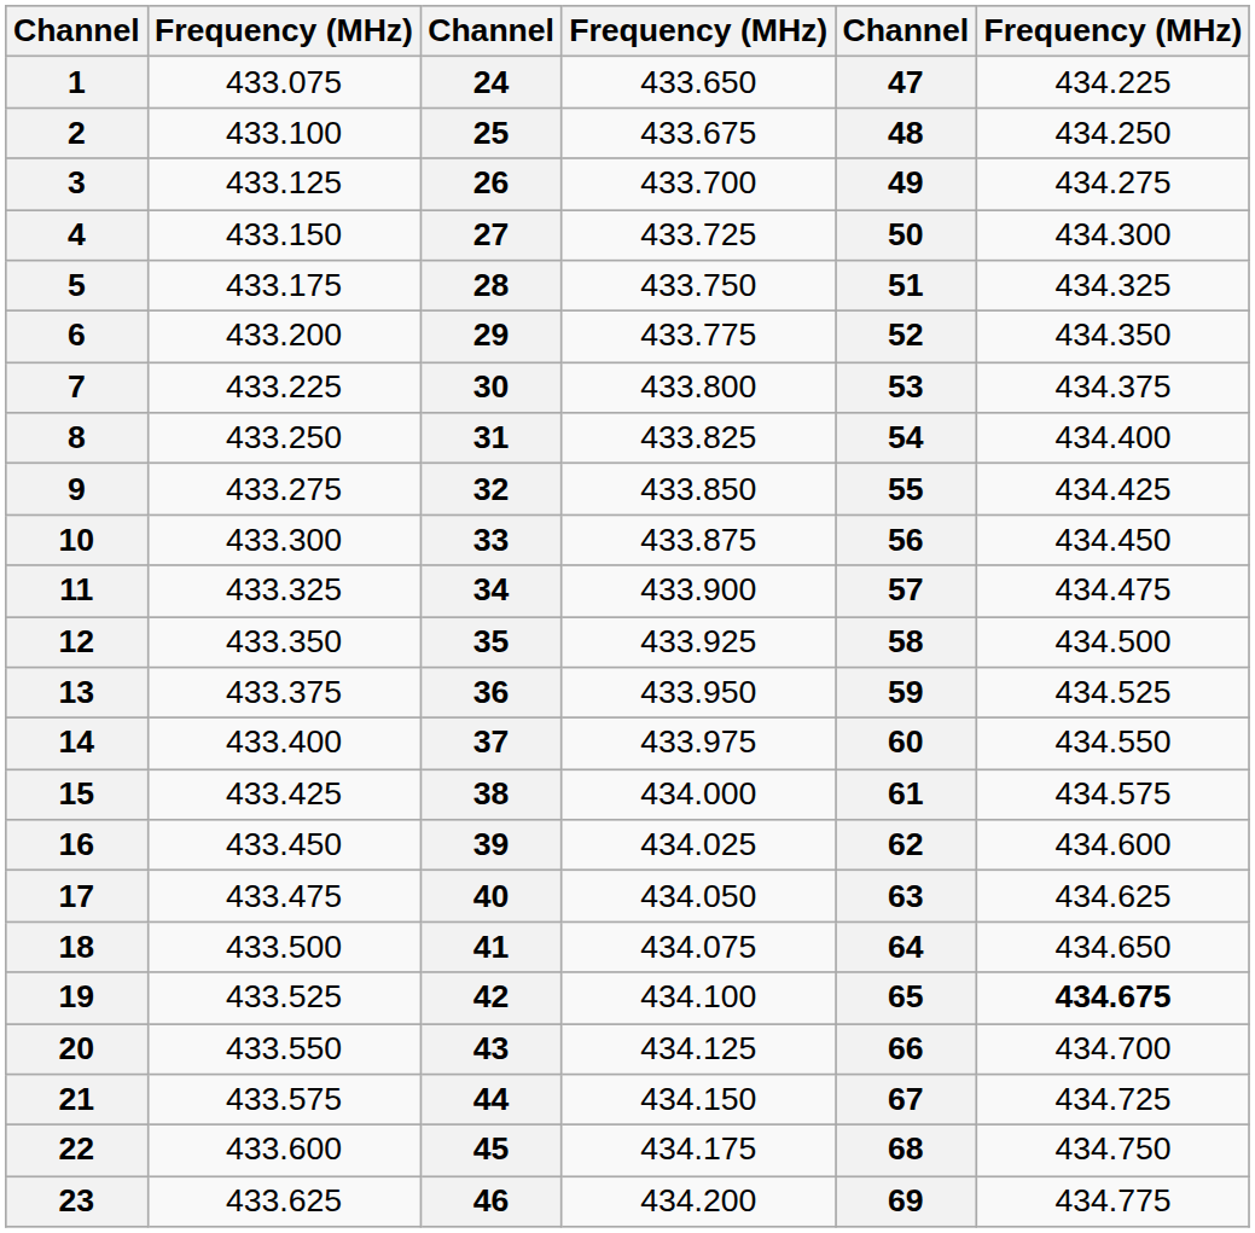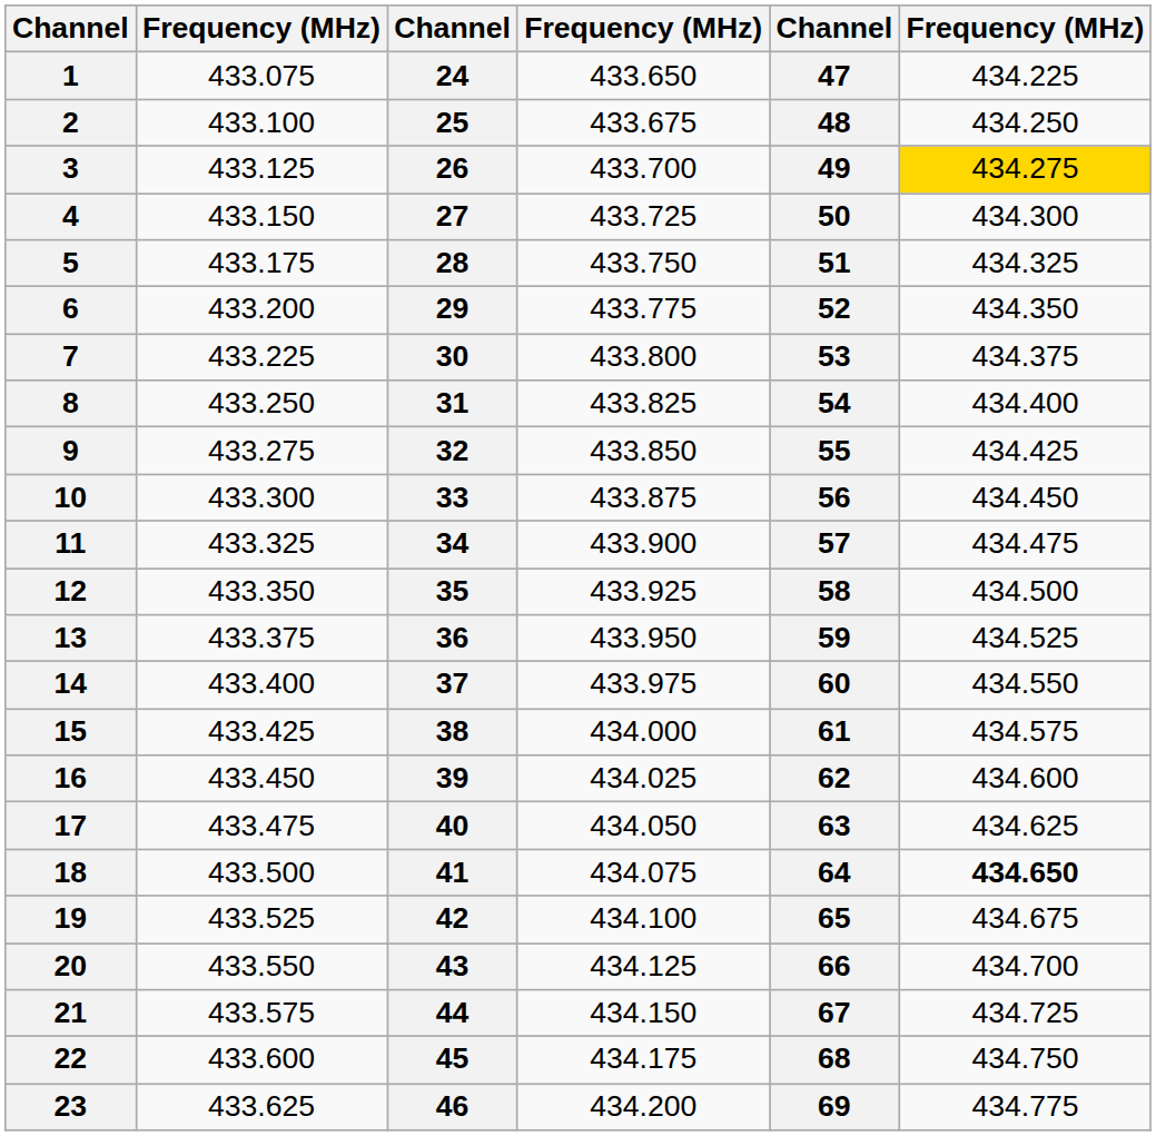 <table class="wikitable">
 <tr>
 <th>Channel</th>
 <th>Frequency (MHz)</th>
 <th>Channel</th>
 <th>Frequency (MHz)</th>
 <th>Channel</th>
 <th>Frequency (MHz)</th>
 </tr>
 <tr align="center">
 <th>1</th>
 <td>433.075</td>
 <th>24</th>
 <td>433.650</td>
 <th>47</th>
 <td>434.225</td>
 </tr>
 <tr align="center">
 <th>2</th>
 <td>433.100</td>
 <th>25</th>
 <td>433.675</td>
 <th>48</th>
 <td>434.250</td>
 </tr>
 <tr align="center">
 <th>3</th>
 <td>433.125</td>
 <th>26</th>
 <td>433.700</td>
 <th>49</th>
-<td>434.275</td>
+<td style="background: gold;">434.275</td>
 </tr>
 <tr align="center">
 <th>4</th>
 <td>433.150</td>
 <th>27</th>
 <td>433.725</td>
 <th>50</th>
 <td>434.300</td>
 </tr>
 <tr align="center">
 <th>5</th>
 <td>433.175</td>
 <th>28</th>
 <td>433.750</td>
 <th>51</th>
 <td>434.325</td>
 </tr>
 <tr align="center">
 <th>6</th>
 <td>433.200</td>
 <th>29</th>
 <td>433.775</td>
 <th>52</th>
 <td>434.350</td>
 </tr>
 <tr align="center">
 <th>7</th>
 <td>433.225</td>
 <th>30</th>
 <td>433.800</td>
 <th>53</th>
 <td>434.375</td>
 </tr>
 <tr align="center">
 <th>8</th>
 <td>433.250</td>
 <th>31</th>
 <td>433.825</td>
 <th>54</th>
 <td>434.400</td>
 </tr>
 <tr align="center">
 <th>9</th>
 <td>433.275</td>
 <th>32</th>
 <td>433.850</td>
 <th>55</th>
 <td>434.425</td>
 </tr>
 <tr align="center">
 <th>10</th>
 <td>433.300</td>
 <th>33</th>
 <td>433.875</td>
 <th>56</th>
 <td>434.450</td>
 </tr>
 <tr align="center">
 <th>11</th>
 <td>433.325</td>
 <th>34</th>
 <td>433.900</td>
 <th>57</th>
 <td>434.475</td>
 </tr>
 <tr align="center">
 <th>12</th>
 <td>433.350</td>
 <th>35</th>
 <td>433.925</td>
 <th>58</th>
 <td>434.500</td>
 </tr>
 <tr align="center">
 <th>13</th>
 <td>433.375</td>
 <th>36</th>
 <td>433.950</td>
 <th>59</th>
 <td>434.525</td>
 </tr>
 <tr align="center">
 <th>14</th>
 <td>433.400</td>
 <th>37</th>
 <td>433.975</td>
 <th>60</th>
 <td>434.550</td>
 </tr>
 <tr align="center">
 <th>15</th>
 <td>433.425</td>
 <th>38</th>
 <td>434.000</td>
 <th>61</th>
 <td>434.575</td>
 </tr>
 <tr align="center">
 <th>16</th>
 <td>433.450</td>
 <th>39</th>
 <td>434.025</td>
 <th>62</th>
 <td>434.600</td>
 </tr>
 <tr align="center">
 <th>17</th>
 <td>433.475</td>
 <th>40</th>
 <td>434.050</td>
 <th>63</th>
 <td>434.625</td>
 </tr>
 <tr align="center">
 <th>18</th>
 <td>433.500</td>
 <th>41</th>
 <td>434.075</td>
 <th>64</th>
-<td>434.650</td>
+<td><strong>434.650</strong></td>
 </tr>
 <tr align="center">
 <th>19</th>
 <td>433.525</td>
 <th>42</th>
 <td>434.100</td>
 <th>65</th>
-<td><strong>434.675</strong></td>
+<td>434.675</td>
 </tr>
 <tr align="center">
 <th>20</th>
 <td>433.550</td>
 <th>43</th>
 <td>434.125</td>
 <th>66</th>
 <td>434.700</td>
 </tr>
 <tr align="center">
 <th>21</th>
 <td>433.575</td>
 <th>44</th>
 <td>434.150</td>
 <th>67</th>
 <td>434.725</td>
 </tr>
 <tr align="center">
 <th>22</th>
 <td>433.600</td>
 <th>45</th>
 <td>434.175</td>
 <th>68</th>
 <td>434.750</td>
 </tr>
 <tr align="center">
 <th>23</th>
 <td>433.625</td>
 <th>46</th>
 <td>434.200</td>
 <th>69</th>
 <td>434.775</td>
 </tr>
 </table>
